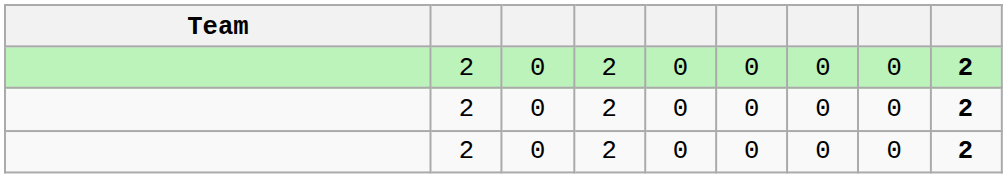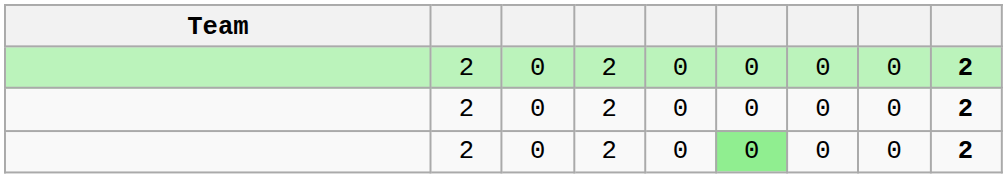 <table class="wikitable" style="text-align: center;">
 <tr>
 <th width=210>Team</th>
 <th width=30></th>
 <th width=30></th>
 <th width=30></th>
 <th width=30></th>
 <th width=30></th>
 <th width=30></th>
 <th width=30></th>
 <th width=30></th>
 </tr>
 <tr style="background:#bbf3bb;">
 <td align=left></td>
 <td>2</td>
 <td>0</td>
 <td>2</td>
 <td>0</td>
 <td>0</td>
 <td>0</td>
 <td>0</td>
 <td><strong>2</strong></td>
 </tr>
 <tr>
 <td align=left></td>
 <td>2</td>
 <td>0</td>
 <td>2</td>
 <td>0</td>
 <td>0</td>
 <td>0</td>
 <td>0</td>
 <td><strong>2</strong></td>
 </tr>
 <tr>
 <td align=left></td>
 <td>2</td>
 <td>0</td>
 <td>2</td>
 <td>0</td>
-<td>0</td>
+<td style="background: lightgreen;">0</td>
 <td>0</td>
 <td>0</td>
 <td><strong>2</strong></td>
 </tr>
 </table>
